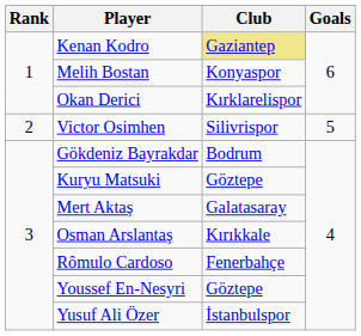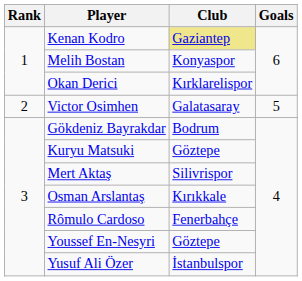 <table class="wikitable sortable" style="text-align:center">
 <tr>
 <th>Rank</th>
 <th>Player</th>
 <th>Club</th>
 <th>Goals</th>
 </tr>
 <tr>
 <td rowspan="3">1</td>
 <td align="left"> <a href='#'>Kenan Kodro</a></td>
 <td align="left" style="background: khaki;"><a href='#'>Gaziantep</a></td>
 <td rowspan="3">6</td>
 </tr>
 <tr>
 <td align="left"> <a href='#'>Melih Bostan</a></td>
 <td align="left"><a href='#'>Konyaspor</a></td>
 </tr>
 <tr>
 <td align="left"> <a href='#'>Okan Derici</a></td>
 <td align="left"><a href='#'>Kırklarelispor</a></td>
 </tr>
 <tr>
 <td rowspan="1">2</td>
 <td align="left"> <a href='#'>Victor Osimhen</a></td>
-<td align="left"><a href='#'>Silivrispor</a></td>
+<td align="left"><a href='#'>Galatasaray</a></td>
 <td rowspan="1">5</td>
 </tr>
 <tr>
 <td rowspan="7">3</td>
 <td align="left"> <a href='#'>Gökdeniz Bayrakdar</a></td>
 <td align="left"><a href='#'>Bodrum</a></td>
 <td rowspan="7">4</td>
 </tr>
 <tr>
 <td align="left"> <a href='#'>Kuryu Matsuki</a></td>
 <td align="left"><a href='#'>Göztepe</a></td>
 </tr>
 <tr>
 <td align="left"> <a href='#'>Mert Aktaş</a></td>
-<td align="left"><a href='#'>Galatasaray</a></td>
+<td align="left"><a href='#'>Silivrispor</a></td>
 </tr>
 <tr>
 <td align="left"> <a href='#'>Osman Arslantaş</a></td>
 <td align="left"><a href='#'>Kırıkkale</a></td>
 </tr>
 <tr>
 <td align="left"> <a href='#'>Rômulo Cardoso</a></td>
 <td align="left"><a href='#'>Fenerbahçe</a></td>
 </tr>
 <tr>
 <td align="left"> <a href='#'>Youssef En-Nesyri</a></td>
 <td align="left"><a href='#'>Göztepe</a></td>
 </tr>
 <tr>
 <td align="left"> <a href='#'>Yusuf Ali Özer</a></td>
 <td align="left"><a href='#'>İstanbulspor</a></td>
 </tr>
 </table>
